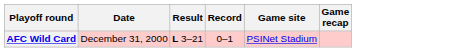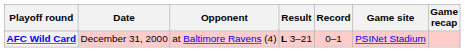 <table class="wikitable" style="text-align:center">
 <tr>
 <th>Playoff round</th>
 <th>Date</th>
+<th>Opponent</th>
 <th>Result</th>
 <th>Record</th>
 <th>Game site</th>
 <th>Game<br>recap</th>
 </tr>
 <tr style="background:#fcc">
 <th><a href='#'>AFC Wild Card</a></th>
 <td>December 31, 2000</td>
+<td>at <a href='#'>Baltimore Ravens</a> (4)</td>
 <td><strong>L</strong> 3–21</td>
 <td>0–1</td>
 <td><a href='#'>PSINet Stadium</a></td>
 <td></td>
 </tr>
 </table>
